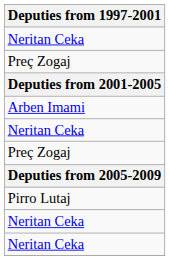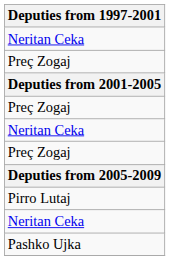 <table class="wikitable">
 <tr>
 <th>Deputies from 1997-2001</th>
 </tr>
 <tr>
 <td><a href='#'>Neritan Ceka</a></td>
 </tr>
 <tr>
 <td>Preç Zogaj</td>
 </tr>
 <tr>
 <th>Deputies from 2001-2005</th>
 </tr>
 <tr>
-<td><a href='#'>Arben Imami</a></td>
+<td>Preç Zogaj</td>
 </tr>
 <tr>
 <td><a href='#'>Neritan Ceka</a></td>
 </tr>
 <tr>
 <td>Preç Zogaj</td>
 </tr>
 <tr>
 <th>Deputies from 2005-2009</th>
 </tr>
 <tr>
 <td>Pirro Lutaj</td>
 </tr>
 <tr>
 <td><a href='#'>Neritan Ceka</a></td>
 </tr>
 <tr>
-<td><a href='#'>Neritan Ceka</a></td>
+<td>Pashko Ujka</td>
 </tr>
 <tr>
 </tr>
 </table>
